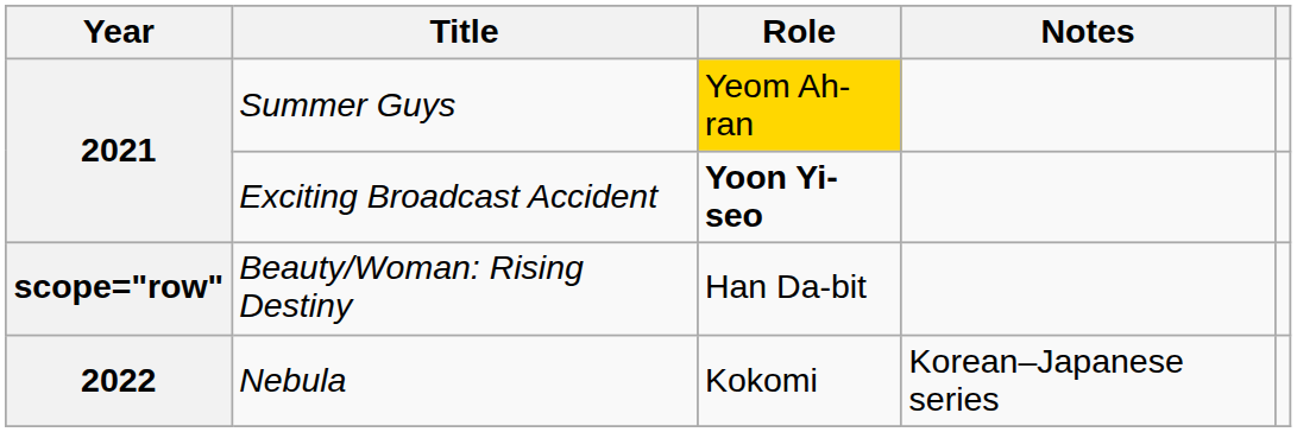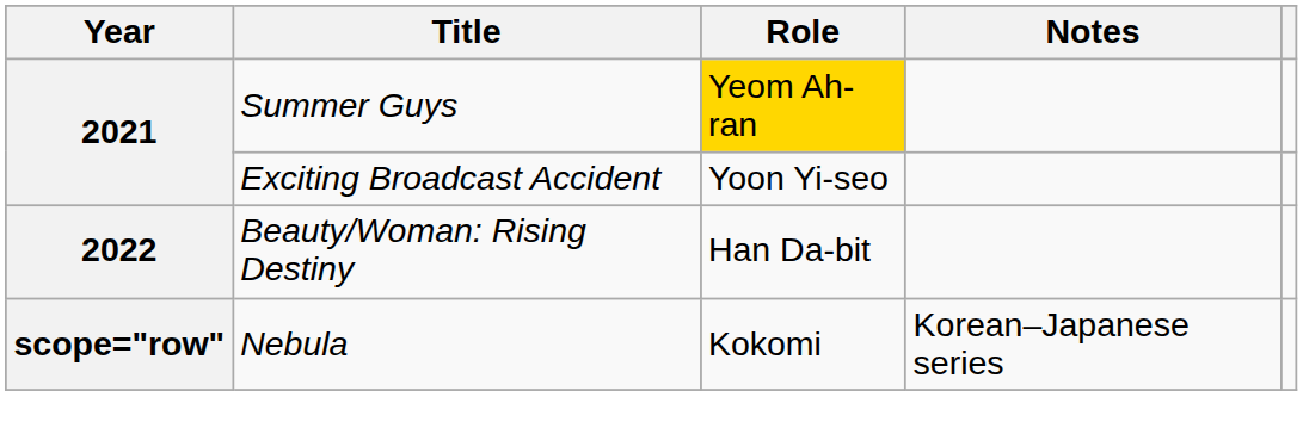 <table class="wikitable plainrowheaders">
 <tr>
 <th scope="col">Year</th>
 <th scope="col">Title</th>
 <th scope="col">Role</th>
 <th scope="col">Notes</th>
 <th scope="col" class="unsortable"></th>
 </tr>
 <tr>
 <th scope="row" rowspan="2">2021</th>
 <td><em>Summer Guys</em></td>
 <td style="background: gold;">Yeom Ah-ran</td>
 <td></td>
 <td style="text-align:center"></td>
 </tr>
 <tr>
 <td><em>Exciting Broadcast Accident</em></td>
-<td><strong>Yoon Yi-seo</strong></td>
+<td>Yoon Yi-seo</td>
 <td></td>
 <td style="text-align:center"></td>
 </tr>
 <tr>
-<th>scope="row" </th>
+<th scope="row">2022</th>
 <td><em>Beauty/Woman: Rising Destiny</em></td>
 <td>Han Da-bit</td>
 <td></td>
 <td style="text-align:center"></td>
 </tr>
 <tr>
-<th scope="row">2022</th>
+<th>scope="row" </th>
 <td><em>Nebula</em></td>
 <td>Kokomi</td>
 <td>Korean–Japanese series</td>
 <td style="text-align:center"></td>
 </tr>
 </table>
